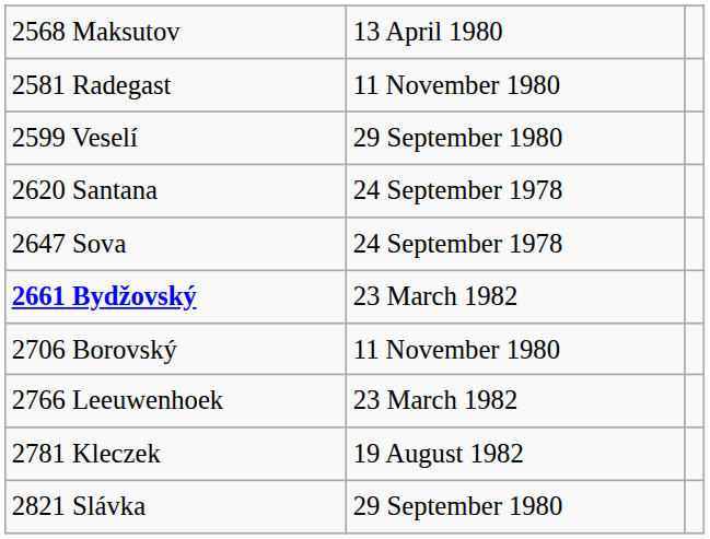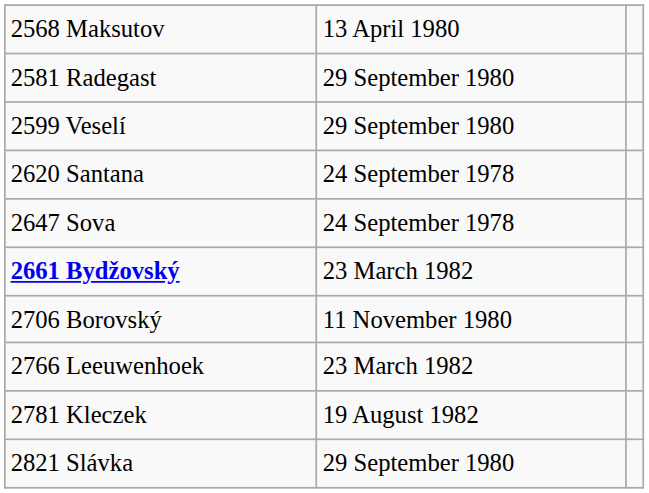 <table class="wikitable" style="font-size: 89%; float: left; width: 26em; margin-right: 1em; height: 280px;">
 <tr>
 <td>2568 Maksutov</td>
 <td>13 April 1980</td>
 <td></td>
 </tr>
 <tr>
 <td>2581 Radegast</td>
-<td>11 November 1980</td>
+<td>29 September 1980</td>
 <td></td>
 </tr>
 <tr>
 <td>2599 Veselí</td>
 <td>29 September 1980</td>
 <td></td>
 </tr>
 <tr>
 <td>2620 Santana</td>
 <td>24 September 1978</td>
 <td></td>
 </tr>
 <tr>
 <td>2647 Sova</td>
 <td>24 September 1978</td>
 <td></td>
 </tr>
 <tr>
 <td><strong><a href='#'>2661 Bydžovský</a></strong></td>
 <td>23 March 1982</td>
 <td></td>
 </tr>
 <tr>
 <td>2706 Borovský</td>
 <td>11 November 1980</td>
 <td></td>
 </tr>
 <tr>
 <td>2766 Leeuwenhoek</td>
 <td>23 March 1982</td>
 <td></td>
 </tr>
 <tr>
 <td>2781 Kleczek</td>
 <td>19 August 1982</td>
 <td></td>
 </tr>
 <tr>
 <td>2821 Slávka</td>
 <td>29 September 1980</td>
 <td></td>
 </tr>
 </table>
